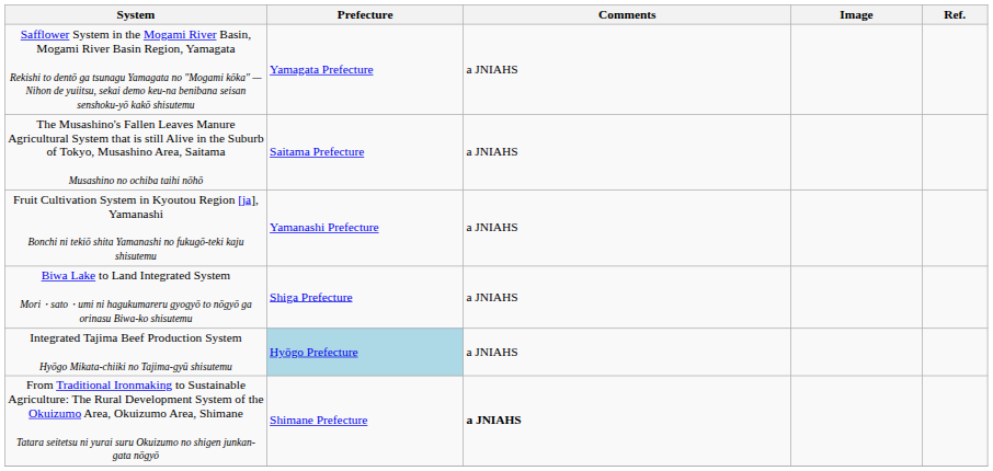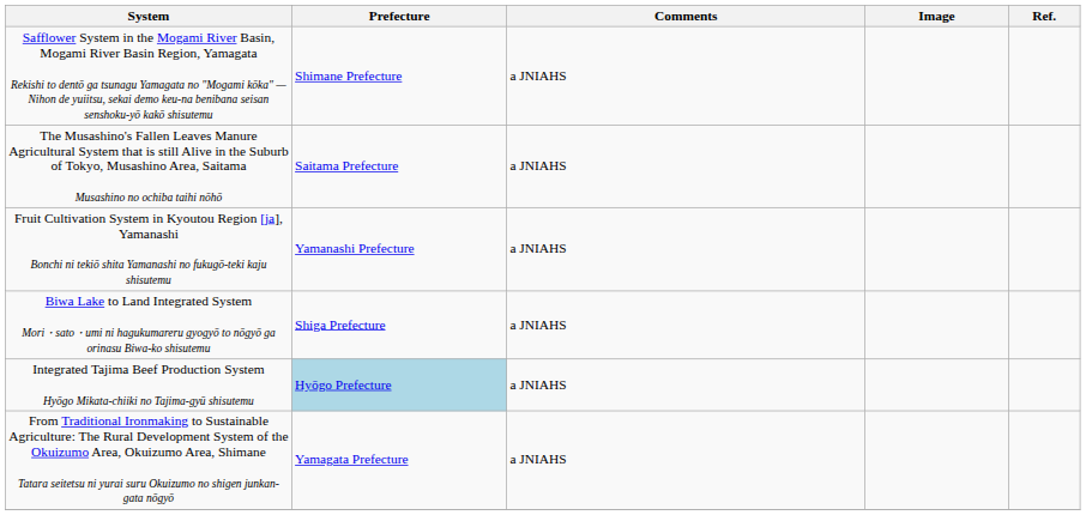 <table class="wikitable sortable"  style="width:100%;">
 <tr>
 <th width="20%" align="left">System</th>
 <th width="15%" align="left">Prefecture</th>
 <th width="25%" align="left">Comments</th>
 <th width="10%" align="left">Image</th>
 <th width="5%" align="left">Ref.</th>
 </tr>
 <tr>
 <td align="center"><a href='#'>Safflower</a> System in the <a href='#'>Mogami River</a> Basin, Mogami River Basin Region, Yamagata<br><br><small><em>Rekishi to dentō ga tsunagu Yamagata no "Mogami kōka" — Nihon de yuiitsu, sekai demo keu-na benibana seisan senshoku-yō kakō shisutemu</em></small></td>
-<td><a href='#'>Yamagata Prefecture</a></td>
+<td><a href='#'>Shimane Prefecture</a></td>
 <td>a JNIAHS</td>
 <td></td>
 <td></td>
 </tr>
 <tr>
 <td align="center">The Musashino's Fallen Leaves Manure Agricultural System that is still Alive in the Suburb of Tokyo, Musashino Area, Saitama<br><br><small><em>Musashino no ochiba taihi nōhō</em></small></td>
 <td><a href='#'>Saitama Prefecture</a></td>
 <td>a JNIAHS</td>
 <td></td>
 <td></td>
 </tr>
 <tr>
 <td align="center">Fruit Cultivation System in Kyoutou Region <a href='#'>[ja</a>], Yamanashi<br><br><small><em>Bonchi ni tekiō shita Yamanashi no fukugō-teki kaju shisutemu</em></small></td>
 <td><a href='#'>Yamanashi Prefecture</a></td>
 <td>a JNIAHS</td>
 <td></td>
 <td></td>
 </tr>
 <tr>
 <td align="center"><a href='#'>Biwa Lake</a> to Land Integrated System<br><br><small><em>Mori・sato・umi ni hagukumareru gyogyō to nōgyō ga orinasu Biwa-ko shisutemu</em></small></td>
 <td><a href='#'>Shiga Prefecture</a></td>
 <td>a JNIAHS</td>
 <td></td>
 <td></td>
 </tr>
 <tr>
 <td align="center">Integrated Tajima Beef Production System<br><br><small><em>Hyōgo Mikata-chiiki no Tajima-gyū shisutemu</em></small></td>
 <td style="background: lightblue;"><a href='#'>Hyōgo Prefecture</a></td>
 <td>a JNIAHS</td>
 <td></td>
 <td></td>
 </tr>
 <tr>
 <td align="center">From <a href='#'>Traditional Ironmaking</a> to Sustainable Agriculture: The Rural Development System of the <a href='#'>Okuizumo</a> Area, Okuizumo Area, Shimane<br><br><small><em>Tatara seitetsu ni yurai suru Okuizumo no shigen junkan-gata nōgyō</em></small></td>
-<td><a href='#'>Shimane Prefecture</a></td>
-<td><strong>a JNIAHS</strong></td>
+<td><a href='#'>Yamagata Prefecture</a></td>
+<td>a JNIAHS</td>
 <td></td>
 <td></td>
 </tr>
 <tr>
 </tr>
 </table>
